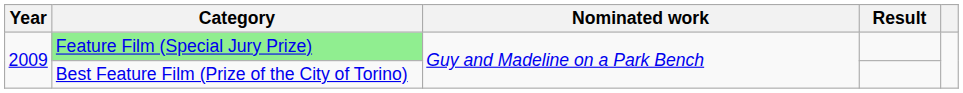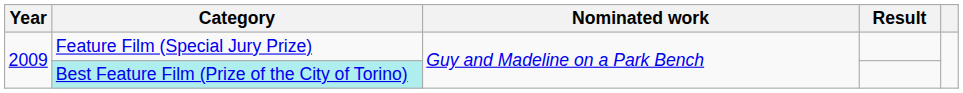 <table class=wikitable>
 <tr>
 <th scope="col" style="width:1em;">Year</th>
 <th scope="col" style="width:33em;">Category</th>
 <th scope="col" style="width:39em;">Nominated work</th>
 <th scope="col" style="width:5em;">Result</th>
 <th scope="col" style="width:1em;"></th>
 </tr>
 <tr>
 <td rowspan="2"><a href='#'>2009</a></td>
-<td style="background: lightgreen;"><a href='#'>Feature Film (Special Jury Prize)</a></td>
+<td><a href='#'>Feature Film (Special Jury Prize)</a></td>
 <td rowspan="2"><em><a href='#'>Guy and Madeline on a Park Bench</a></em></td>
 <td></td>
 <td rowspan="2"></td>
 </tr>
 <tr>
-<td><a href='#'>Best Feature Film (Prize of the City of Torino)</a></td>
+<td style="background: paleturquoise;"><a href='#'>Best Feature Film (Prize of the City of Torino)</a></td>
 <td></td>
 </tr>
 </table>
